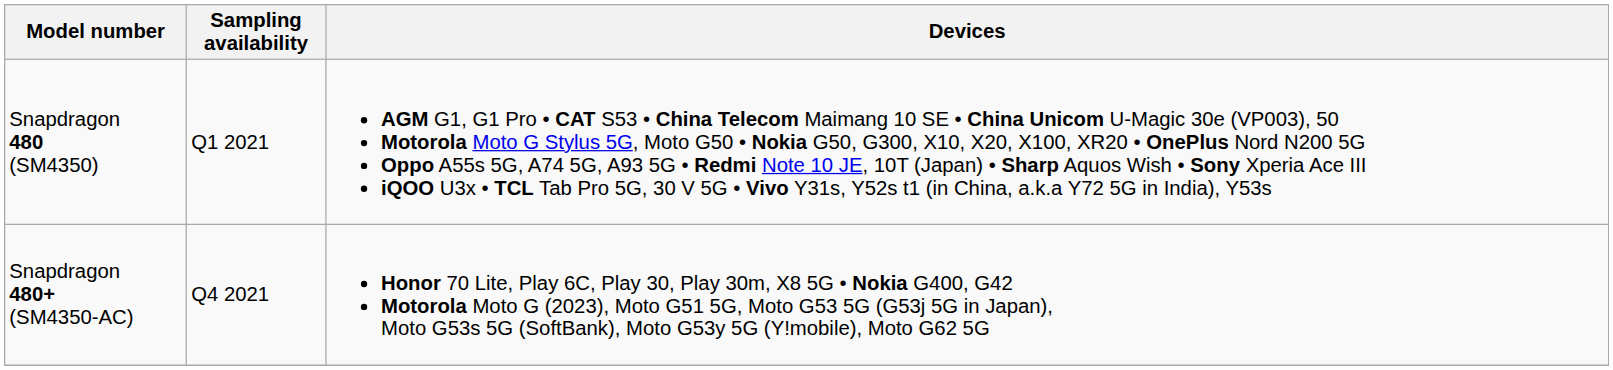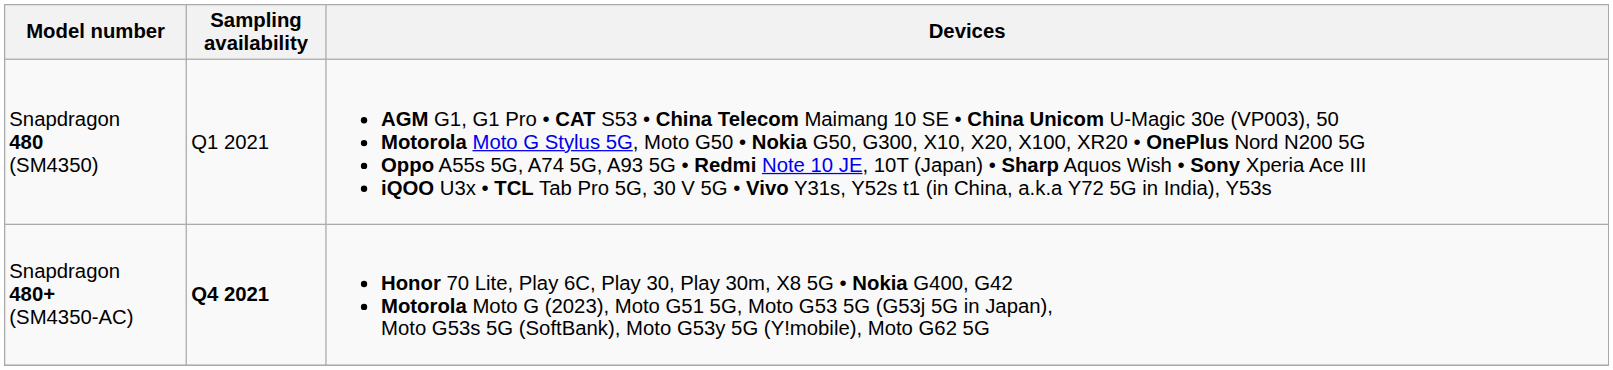 <table class="wikitable" style="width:100%">
 <tr>
 <th>Model number</th>
 <th>Sampling<br>availability</th>
 <th>Devices</th>
 </tr>
 <tr>
 <td>Snapdragon<br><b>480</b><br>(SM4350)</td>
 <td>Q1 2021</td>
 <td><br><ul><li><strong>AGM</strong> G1, G1 Pro • <strong>CAT</strong> S53 • <strong>China Telecom</strong> Maimang 10 SE • <strong>China Unicom</strong> U-Magic 30e (VP003), 50</li><li><strong>Motorola</strong> <a href='#'>Moto G Stylus 5G</a>, Moto G50 • <strong>Nokia</strong> G50, G300, X10, X20, X100, XR20 • <strong>OnePlus</strong> Nord N200 5G</li><li><strong>Oppo</strong> A55s 5G, A74 5G, A93 5G • <strong>Redmi</strong> <a href='#'>Note 10 JE</a>, 10T (Japan) • <strong>Sharp</strong> Aquos Wish • <strong>Sony</strong> Xperia Ace III</li><li><strong>iQOO</strong> U3x • <strong>TCL</strong> Tab Pro 5G, 30 V 5G • <strong>Vivo</strong> Y31s, Y52s t1 (in China, a.k.a Y72 5G in India), Y53s</li></ul></td>
 </tr>
 <tr>
 <td>Snapdragon<br><b>480+</b><br>(SM4350-AC)</td>
-<td>Q4 2021</td>
+<td><strong>Q4 2021</strong></td>
 <td><br><ul><li><strong>Honor</strong> 70 Lite, Play 6C, Play 30, Play 30m, X8 5G • <strong>Nokia</strong> G400, G42</li><li><strong>Motorola</strong> Moto G (2023), Moto G51 5G, Moto G53 5G (G53j 5G in Japan),<br>Moto G53s 5G (SoftBank), Moto G53y 5G (Y!mobile), Moto G62 5G</li></ul></td>
 </tr>
 <tr>
 </tr>
 </table>
